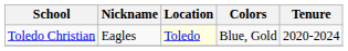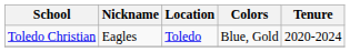 <table class="wikitable sortable">
 <tr>
 <th>School</th>
 <th>Nickname</th>
 <th>Location</th>
 <th>Colors</th>
 <th>Tenure</th>
 </tr>
 <tr>
 <td><a href='#'>Toledo Christian</a></td>
 <td>Eagles</td>
-<td style="background: lightyellow;"><a href='#'>Toledo</a></td>
+<td><a href='#'>Toledo</a></td>
 <td>Blue, Gold <br>  </td>
 <td>2020-2024</td>
 </tr>
 <tr>
 </tr>
 </table>
